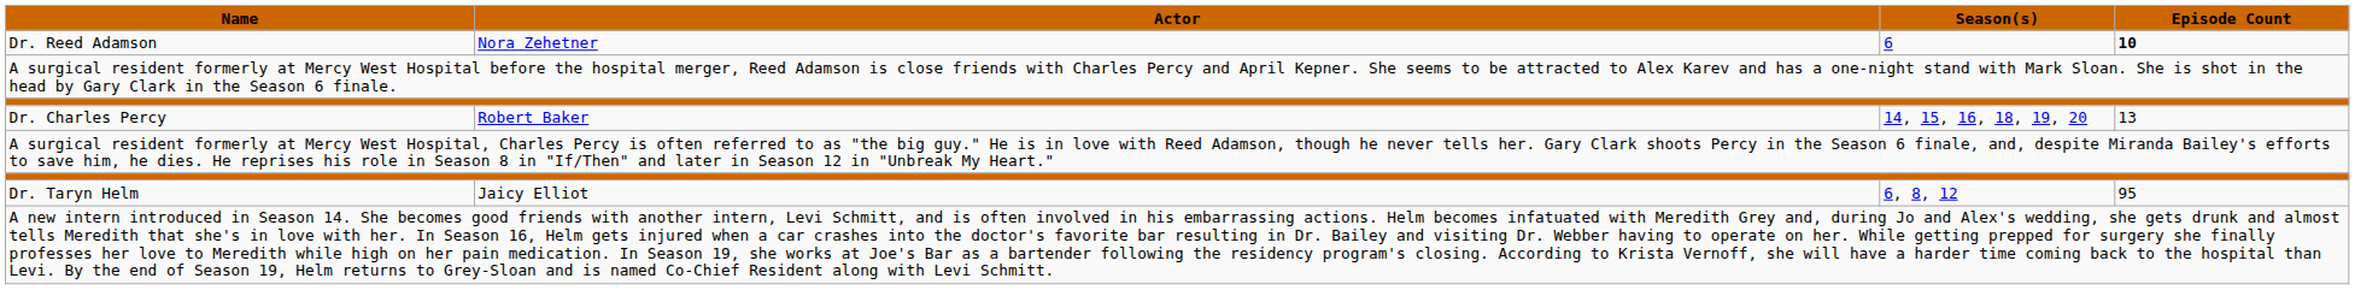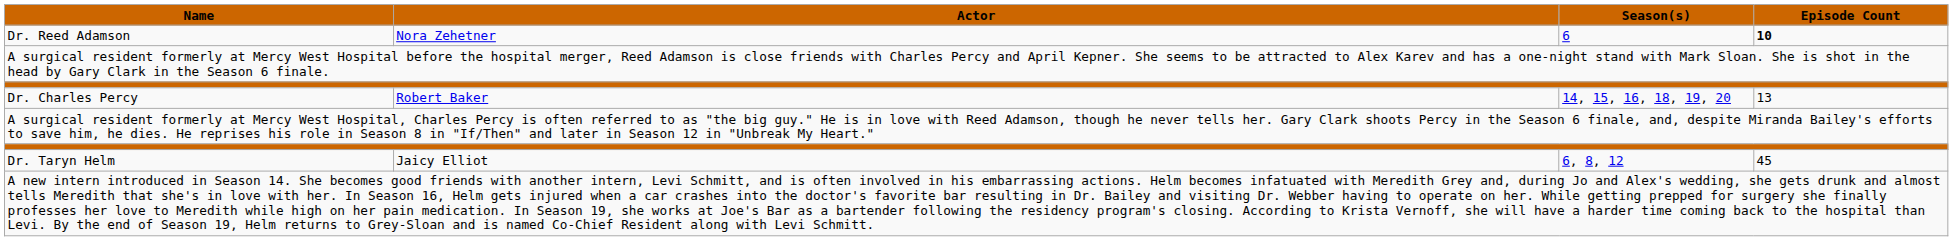 <table class="wikitable" style="width:100%; margin-right:auto;">
 <tr>
 <th style="background-color:#CC6600; width:20%">Name</th>
 <th style="background-color:#CC6600; width:60%">Actor</th>
 <th style="background-color:#CC6600; width:10%">Season(s)</th>
 <th style="background-color:#CC6600; width:10%">Episode Count</th>
 </tr>
 <tr>
 <td>Dr. Reed Adamson</td>
 <td><a href='#'>Nora Zehetner</a></td>
 <td><a href='#'>6</a></td>
 <td><strong>10</strong></td>
 </tr>
 <tr>
 <td colspan="5">A surgical resident formerly at Mercy West Hospital before the hospital merger, Reed Adamson is close friends with Charles Percy and April Kepner. She seems to be attracted to Alex Karev and has a one-night stand with Mark Sloan. She is shot in the head by Gary Clark in the Season 6 finale.</td>
 </tr>
 <tr>
 <td colspan="5" bgcolor="#CC6600"></td>
 </tr>
 <tr>
 <td>Dr. Charles Percy</td>
 <td><a href='#'>Robert Baker</a></td>
 <td><a href='#'>14</a>, <a href='#'>15</a>, <a href='#'>16</a>, <a href='#'>18</a>, <a href='#'>19</a>, <a href='#'>20</a></td>
 <td>13</td>
 </tr>
 <tr>
 <td colspan="5">A surgical resident formerly at Mercy West Hospital, Charles Percy is often referred to as "the big guy." He is in love with Reed Adamson, though he never tells her. Gary Clark shoots Percy in the Season 6 finale, and, despite Miranda Bailey's efforts to save him, he dies. He reprises his role in Season 8 in "If/Then" and later in Season 12 in "Unbreak My Heart."</td>
 </tr>
 <tr>
 <td colspan="5" bgcolor="#CC6600"></td>
 </tr>
 <tr>
 <td>Dr. Taryn Helm</td>
 <td>Jaicy Elliot</td>
 <td><a href='#'>6</a>, <a href='#'>8</a>, <a href='#'>12</a></td>
-<td>95</td>
+<td>45</td>
 </tr>
 <tr>
 <td colspan="5">A new intern introduced in Season 14. She becomes good friends with another intern, Levi Schmitt, and is often involved in his embarrassing actions. Helm becomes infatuated with Meredith Grey and, during Jo and Alex's wedding, she gets drunk and almost tells Meredith that she's in love with her. In Season 16, Helm gets injured when a car crashes into the doctor's favorite bar resulting in Dr. Bailey and visiting Dr. Webber having to operate on her. While getting prepped for surgery she finally professes her love to Meredith while high on her pain medication. In Season 19, she works at Joe's Bar as a bartender following the residency program's closing. According to Krista Vernoff, she will have a harder time coming back to the hospital than Levi. By the end of Season 19, Helm returns to Grey-Sloan and is named Co-Chief Resident along with Levi Schmitt.</td>
 </tr>
 </table>
